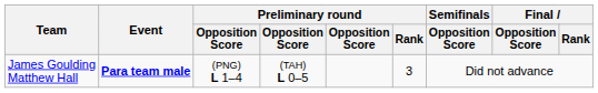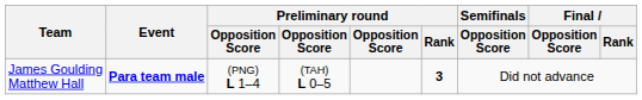 <table class=wikitable style=font-size:90%;text-align:center>
 <tr>
 <th rowspan=2>Team</th>
 <th rowspan=2>Event</th>
 <th colspan=4>Preliminary round</th>
 <th>Semifinals</th>
 <th colspan=2>Final / </th>
 </tr>
 <tr style=font-size:95%>
 <th>Opposition<br>Score</th>
 <th>Opposition<br>Score</th>
 <th>Opposition<br>Score</th>
 <th>Rank</th>
 <th>Opposition<br>Score</th>
 <th>Opposition<br>Score</th>
 <th>Rank</th>
 </tr>
 <tr>
 <td align=left><a href='#'>James Goulding</a><br><a href='#'>Matthew Hall</a></td>
 <td align=left><strong><a href='#'>Para team male</a></strong></td>
 <td> <small>(PNG)</small><br> <strong>L</strong> 1–4</td>
 <td> <small>(TAH)</small><br> <strong>L</strong> 0–5</td>
 <td></td>
-<td>3</td>
+<td><strong>3</strong></td>
 <td colspan="3">Did not advance</td>
 </tr>
 </table>
